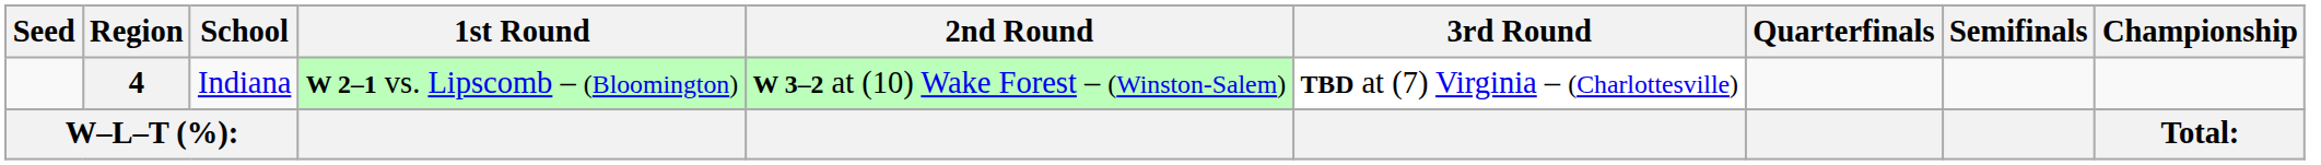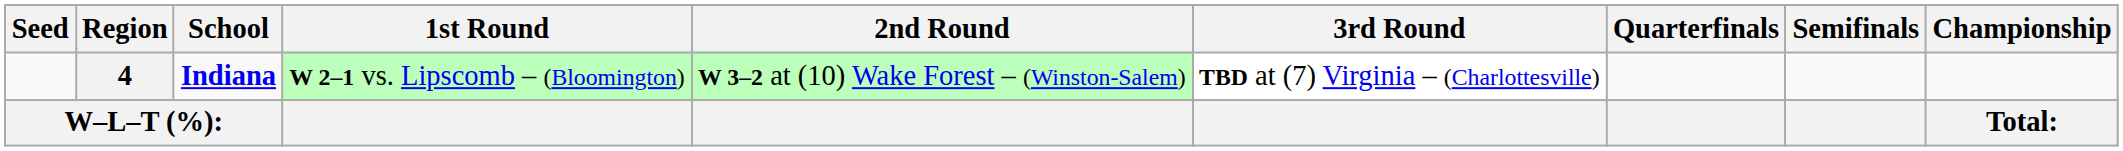 <table class="sortable wikitable" style="white-space:nowrap; font-size:90%;">
 <tr>
 <th>Seed</th>
 <th>Region</th>
 <th>School</th>
 <th>1st Round</th>
 <th>2nd Round</th>
 <th>3rd Round</th>
 <th>Quarterfinals</th>
 <th>Semifinals</th>
 <th>Championship</th>
 </tr>
 <tr>
 <td></td>
 <th>4</th>
-<td><a href='#'>Indiana</a></td>
+<td><strong><a href='#'>Indiana</a></strong></td>
 <td style="background:#bfb;"><small><strong>W 2–1</strong></small> vs. <a href='#'>Lipscomb</a> – <small>(<a href='#'>Bloomington</a>)</small></td>
 <td style="background:#bfb"><small><strong>W 3–2</strong></small> at (10) <a href='#'>Wake Forest</a> – <small>(<a href='#'>Winston-Salem</a>)</small></td>
 <td style="background:#fff"><small><strong>TBD</strong></small> at (7) <a href='#'>Virginia</a> – <small>(<a href='#'>Charlottesville</a>)</small></td>
 <td></td>
 <td></td>
 </tr>
 <tr>
 <th colspan="3">W–L–T (%):</th>
 <th></th>
 <th></th>
 <th></th>
 <th></th>
 <th></th>
 <th> Total: </th>
 </tr>
 </table>
